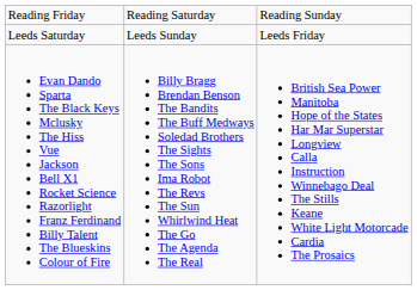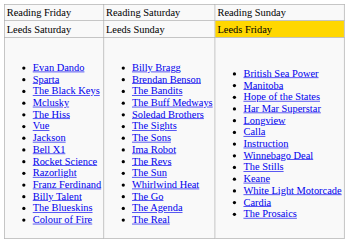 <table class="wikitable">
 <tr>
 <td>Reading Friday</td>
 <td>Reading Saturday</td>
 <td>Reading Sunday</td>
 </tr>
 <tr>
 <td>Leeds Saturday</td>
 <td>Leeds Sunday</td>
-<td>Leeds Friday</td>
+<td style="background: gold;">Leeds Friday</td>
 </tr>
 <tr>
 <td><br><ul><li><a href='#'>Evan Dando</a></li><li><a href='#'>Sparta</a></li><li><a href='#'>The Black Keys</a></li><li><a href='#'>Mclusky</a></li><li><a href='#'>The Hiss</a></li><li><a href='#'>Vue</a></li><li><a href='#'>Jackson</a></li><li><a href='#'>Bell X1</a></li><li><a href='#'>Rocket Science</a></li><li><a href='#'>Razorlight</a></li><li><a href='#'>Franz Ferdinand</a></li><li><a href='#'>Billy Talent</a></li><li><a href='#'>The Blueskins</a></li><li><a href='#'>Colour of Fire</a></li></ul></td>
 <td><br><ul><li><a href='#'>Billy Bragg</a></li><li><a href='#'>Brendan Benson</a></li><li><a href='#'>The Bandits</a></li><li><a href='#'>The Buff Medways</a></li><li><a href='#'>Soledad Brothers</a></li><li><a href='#'>The Sights</a></li><li><a href='#'>The Sons</a></li><li><a href='#'>Ima Robot</a></li><li><a href='#'>The Revs</a></li><li><a href='#'>The Sun</a></li><li><a href='#'>Whirlwind Heat</a></li><li><a href='#'>The Go</a></li><li><a href='#'>The Agenda</a></li><li><a href='#'>The Real</a></li></ul></td>
 <td><br><ul><li><a href='#'>British Sea Power</a></li><li><a href='#'>Manitoba</a></li><li><a href='#'>Hope of the States</a></li><li><a href='#'>Har Mar Superstar</a></li><li><a href='#'>Longview</a></li><li><a href='#'>Calla</a></li><li><a href='#'>Instruction</a></li><li><a href='#'>Winnebago Deal</a></li><li><a href='#'>The Stills</a></li><li><a href='#'>Keane</a></li><li><a href='#'>White Light Motorcade</a></li><li><a href='#'>Cardia</a></li><li><a href='#'>The Prosaics</a></li></ul></td>
 </tr>
 </table>
